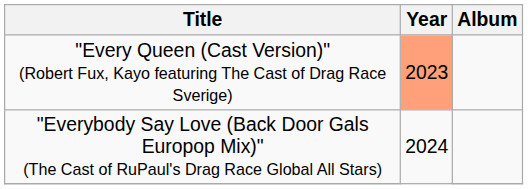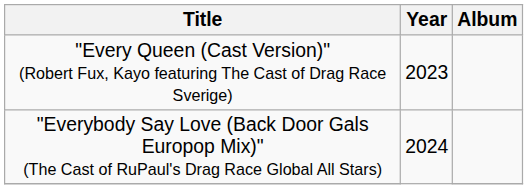 <table class="wikitable plainrowheaders" style="text-align:center;">
 <tr>
 <th style="width:20em;">Title</th>
 <th>Year</th>
 <th>Album</th>
 </tr>
 <tr>
 <td>"Every Queen (Cast Version)" <br><small>(Robert Fux, Kayo featuring The Cast of Drag Race Sverige)</small></td>
-<td rowspan="1" style="background: lightsalmon;">2023</td>
+<td rowspan="1">2023</td>
 <td></td>
 </tr>
 <tr>
 <td>"Everybody Say Love (Back Door Gals Europop Mix)"<br><small>(The Cast of RuPaul's Drag Race Global All Stars)</small></td>
 <td rowspan="2">2024</td>
 <td></td>
 </tr>
 <tr>
 </tr>
 </table>
